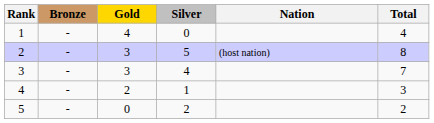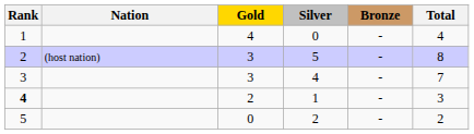 <table class="wikitable sortable plainrowheaders" style="text-align:center;max-width: 15cm; width: 100%">
 <tr>
 <th scope="col" style="width:4%">Rank</th>
-<th scope="col" style="background-color:#cc9966; width:14%;">Bronze</th>
+<th scope="col">Nation</th>
 <th scope="col" style="background-color:gold; width:14%;">Gold</th>
 <th scope="col" style="background-color:silver; width:14%;">Silver</th>
-<th scope="col">Nation</th>
+<th scope="col" style="background-color:#cc9966; width:14%;">Bronze</th>
 <th scope="col" style="width:12%;">Total</th>
 </tr>
 <tr>
 <td>1</td>
-<td>-</td>
+<td align=left></td>
 <td>4</td>
 <td>0</td>
-<td align=left></td>
+<td>-</td>
 <td>4</td>
 </tr>
 <tr style="background:#ccccff">
 <td>2</td>
-<td>-</td>
+<td align=left> <small>(host nation)</small></td>
 <td>3</td>
 <td>5</td>
-<td align=left> <small>(host nation)</small></td>
+<td>-</td>
 <td>8</td>
 </tr>
 <tr>
 <td>3</td>
-<td>-</td>
+<td align=left></td>
 <td>3</td>
 <td>4</td>
-<td align=left></td>
+<td>-</td>
 <td>7</td>
 </tr>
 <tr>
-<td>4</td>
-<td>-</td>
+<td><strong>4</strong></td>
+<td align=left></td>
 <td>2</td>
 <td>1</td>
-<td align=left></td>
+<td>-</td>
 <td>3</td>
 </tr>
 <tr>
 <td>5</td>
-<td>-</td>
+<td align=left></td>
 <td>0</td>
 <td>2</td>
-<td align=left></td>
+<td>-</td>
 <td>2</td>
 </tr>
 </table>
